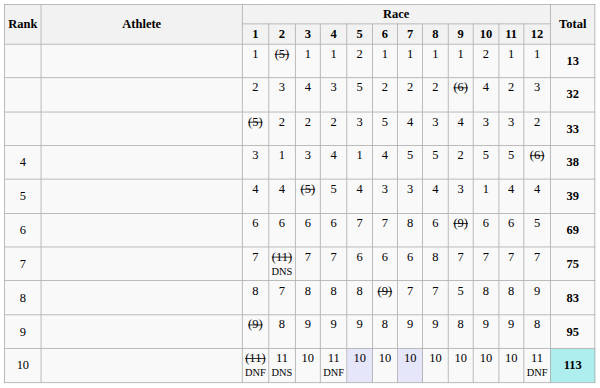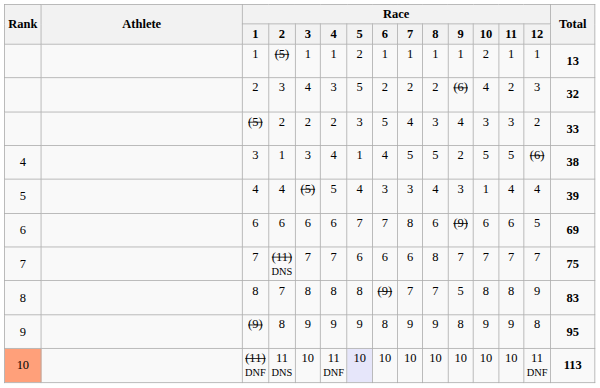 <table | class="wikitable" style="text-align:center">
 <tr>
 <th rowspan="2" width=40>Rank</th>
 <th rowspan="2" width=250>Athlete</th>
 <th colspan="12">Race</th>
 <th rowspan="2" width=50>Total</th>
 </tr>
 <tr>
 <th width=25>1</th>
 <th width=25>2</th>
 <th width=25>3</th>
 <th width=25>4</th>
 <th width=25>5</th>
 <th width=25>6</th>
 <th width=25>7</th>
 <th width=25>8</th>
 <th width=25>9</th>
 <th width=25>10</th>
 <th width=25>11</th>
 <th width=25>12</th>
 </tr>
 <tr>
 <td></td>
 <td align=left></td>
 <td>1<br> </td>
 <td><s>(5)</s><br> </td>
 <td>1<br> </td>
 <td>1<br> </td>
 <td>2<br> </td>
 <td>1<br> </td>
 <td>1<br> </td>
 <td>1<br> </td>
 <td>1<br> </td>
 <td>2<br> </td>
 <td>1<br> </td>
 <td>1<br> </td>
 <td><strong>13</strong></td>
 </tr>
 <tr>
 <td></td>
 <td align=left></td>
 <td>2<br> </td>
 <td>3<br> </td>
 <td>4<br> </td>
 <td>3<br> </td>
 <td>5<br> </td>
 <td>2<br> </td>
 <td>2<br> </td>
 <td>2<br> </td>
 <td><s>(6)</s><br> </td>
 <td>4<br> </td>
 <td>2<br> </td>
 <td>3<br> </td>
 <td><strong>32</strong></td>
 </tr>
 <tr>
 <td></td>
 <td align=left></td>
 <td><s>(5)</s><br> </td>
 <td>2<br> </td>
 <td>2<br> </td>
 <td>2<br> </td>
 <td>3<br> </td>
 <td>5<br> </td>
 <td>4<br> </td>
 <td>3<br> </td>
 <td>4<br> </td>
 <td>3<br> </td>
 <td>3<br> </td>
 <td>2<br> </td>
 <td><strong>33</strong></td>
 </tr>
 <tr>
 <td>4</td>
 <td align=left></td>
 <td>3<br> </td>
 <td>1<br> </td>
 <td>3<br> </td>
 <td>4<br> </td>
 <td>1<br> </td>
 <td>4<br> </td>
 <td>5<br> </td>
 <td>5<br> </td>
 <td>2<br> </td>
 <td>5<br> </td>
 <td>5<br> </td>
 <td><s>(6)</s><br> </td>
 <td><strong>38</strong></td>
 </tr>
 <tr>
 <td>5</td>
 <td align=left></td>
 <td>4<br> </td>
 <td>4<br> </td>
 <td><s>(5)</s><br> </td>
 <td>5<br> </td>
 <td>4<br> </td>
 <td>3<br> </td>
 <td>3<br> </td>
 <td>4<br> </td>
 <td>3<br> </td>
 <td>1<br> </td>
 <td>4<br> </td>
 <td>4<br> </td>
 <td><strong>39</strong></td>
 </tr>
 <tr>
 <td>6</td>
 <td align=left></td>
 <td>6<br> </td>
 <td>6<br> </td>
 <td>6<br> </td>
 <td>6<br> </td>
 <td>7<br> </td>
 <td>7<br> </td>
 <td>8<br> </td>
 <td>6<br> </td>
 <td><s>(9)</s><br> </td>
 <td>6<br> </td>
 <td>6<br> </td>
 <td>5<br> </td>
 <td><strong>69</strong></td>
 </tr>
 <tr>
 <td>7</td>
 <td align=left></td>
 <td>7<br> </td>
 <td><s>(11)</s><br><small>DNS</small></td>
 <td>7<br> </td>
 <td>7<br> </td>
 <td>6<br> </td>
 <td>6<br> </td>
 <td>6<br> </td>
 <td>8<br> </td>
 <td>7<br> </td>
 <td>7<br> </td>
 <td>7<br> </td>
 <td>7<br> </td>
 <td><strong>75</strong></td>
 </tr>
 <tr>
 <td>8</td>
 <td align=left></td>
 <td>8<br> </td>
 <td>7<br> </td>
 <td>8<br> </td>
 <td>8<br> </td>
 <td>8<br> </td>
 <td><s>(9)</s><br> </td>
 <td>7<br> </td>
 <td>7<br> </td>
 <td>5<br> </td>
 <td>8<br> </td>
 <td>8<br> </td>
 <td>9<br> </td>
 <td><strong>83</strong></td>
 </tr>
 <tr>
 <td>9</td>
 <td align=left></td>
 <td><s>(9)</s><br> </td>
 <td>8<br> </td>
 <td>9<br> </td>
 <td>9<br> </td>
 <td>9<br> </td>
 <td>8<br> </td>
 <td>9<br> </td>
 <td>9<br> </td>
 <td>8<br> </td>
 <td>9<br> </td>
 <td>9<br> </td>
 <td>8<br> </td>
 <td><strong>95</strong></td>
 </tr>
 <tr>
-<td>10</td>
+<td style="background: lightsalmon;">10</td>
 <td align=left></td>
 <td><s>(11)</s><br><small>DNF</small></td>
 <td>11<br><small>DNS</small></td>
 <td>10<br> </td>
 <td>11<br><small>DNF</small></td>
 <td style="background: lavender;">10<br> </td>
 <td>10<br> </td>
-<td style="background: lavender;">10<br> </td>
+<td>10<br> </td>
 <td>10<br> </td>
 <td>10<br> </td>
 <td>10<br> </td>
 <td>10<br> </td>
 <td>11<br><small>DNF</small></td>
-<td style="background: paleturquoise;"><strong>113</strong></td>
+<td><strong>113</strong></td>
 </tr>
 </table>
